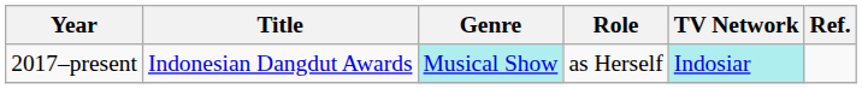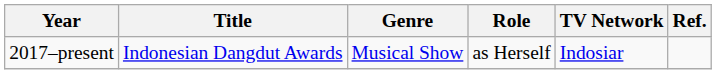 <table class="wikitable" style="font-size: 95%;">
 <tr>
 <th>Year</th>
 <th>Title</th>
 <th>Genre</th>
 <th>Role</th>
 <th>TV Network</th>
 <th>Ref.</th>
 </tr>
 <tr>
 <td>2017–present</td>
 <td><a href='#'>Indonesian Dangdut Awards</a></td>
-<td style="background: paleturquoise;"><a href='#'>Musical Show</a></td>
+<td><a href='#'>Musical Show</a></td>
 <td>as Herself</td>
-<td style="background: paleturquoise;"><a href='#'>Indosiar</a></td>
+<td><a href='#'>Indosiar</a></td>
 <td></td>
 </tr>
 <tr>
 </tr>
 </table>
